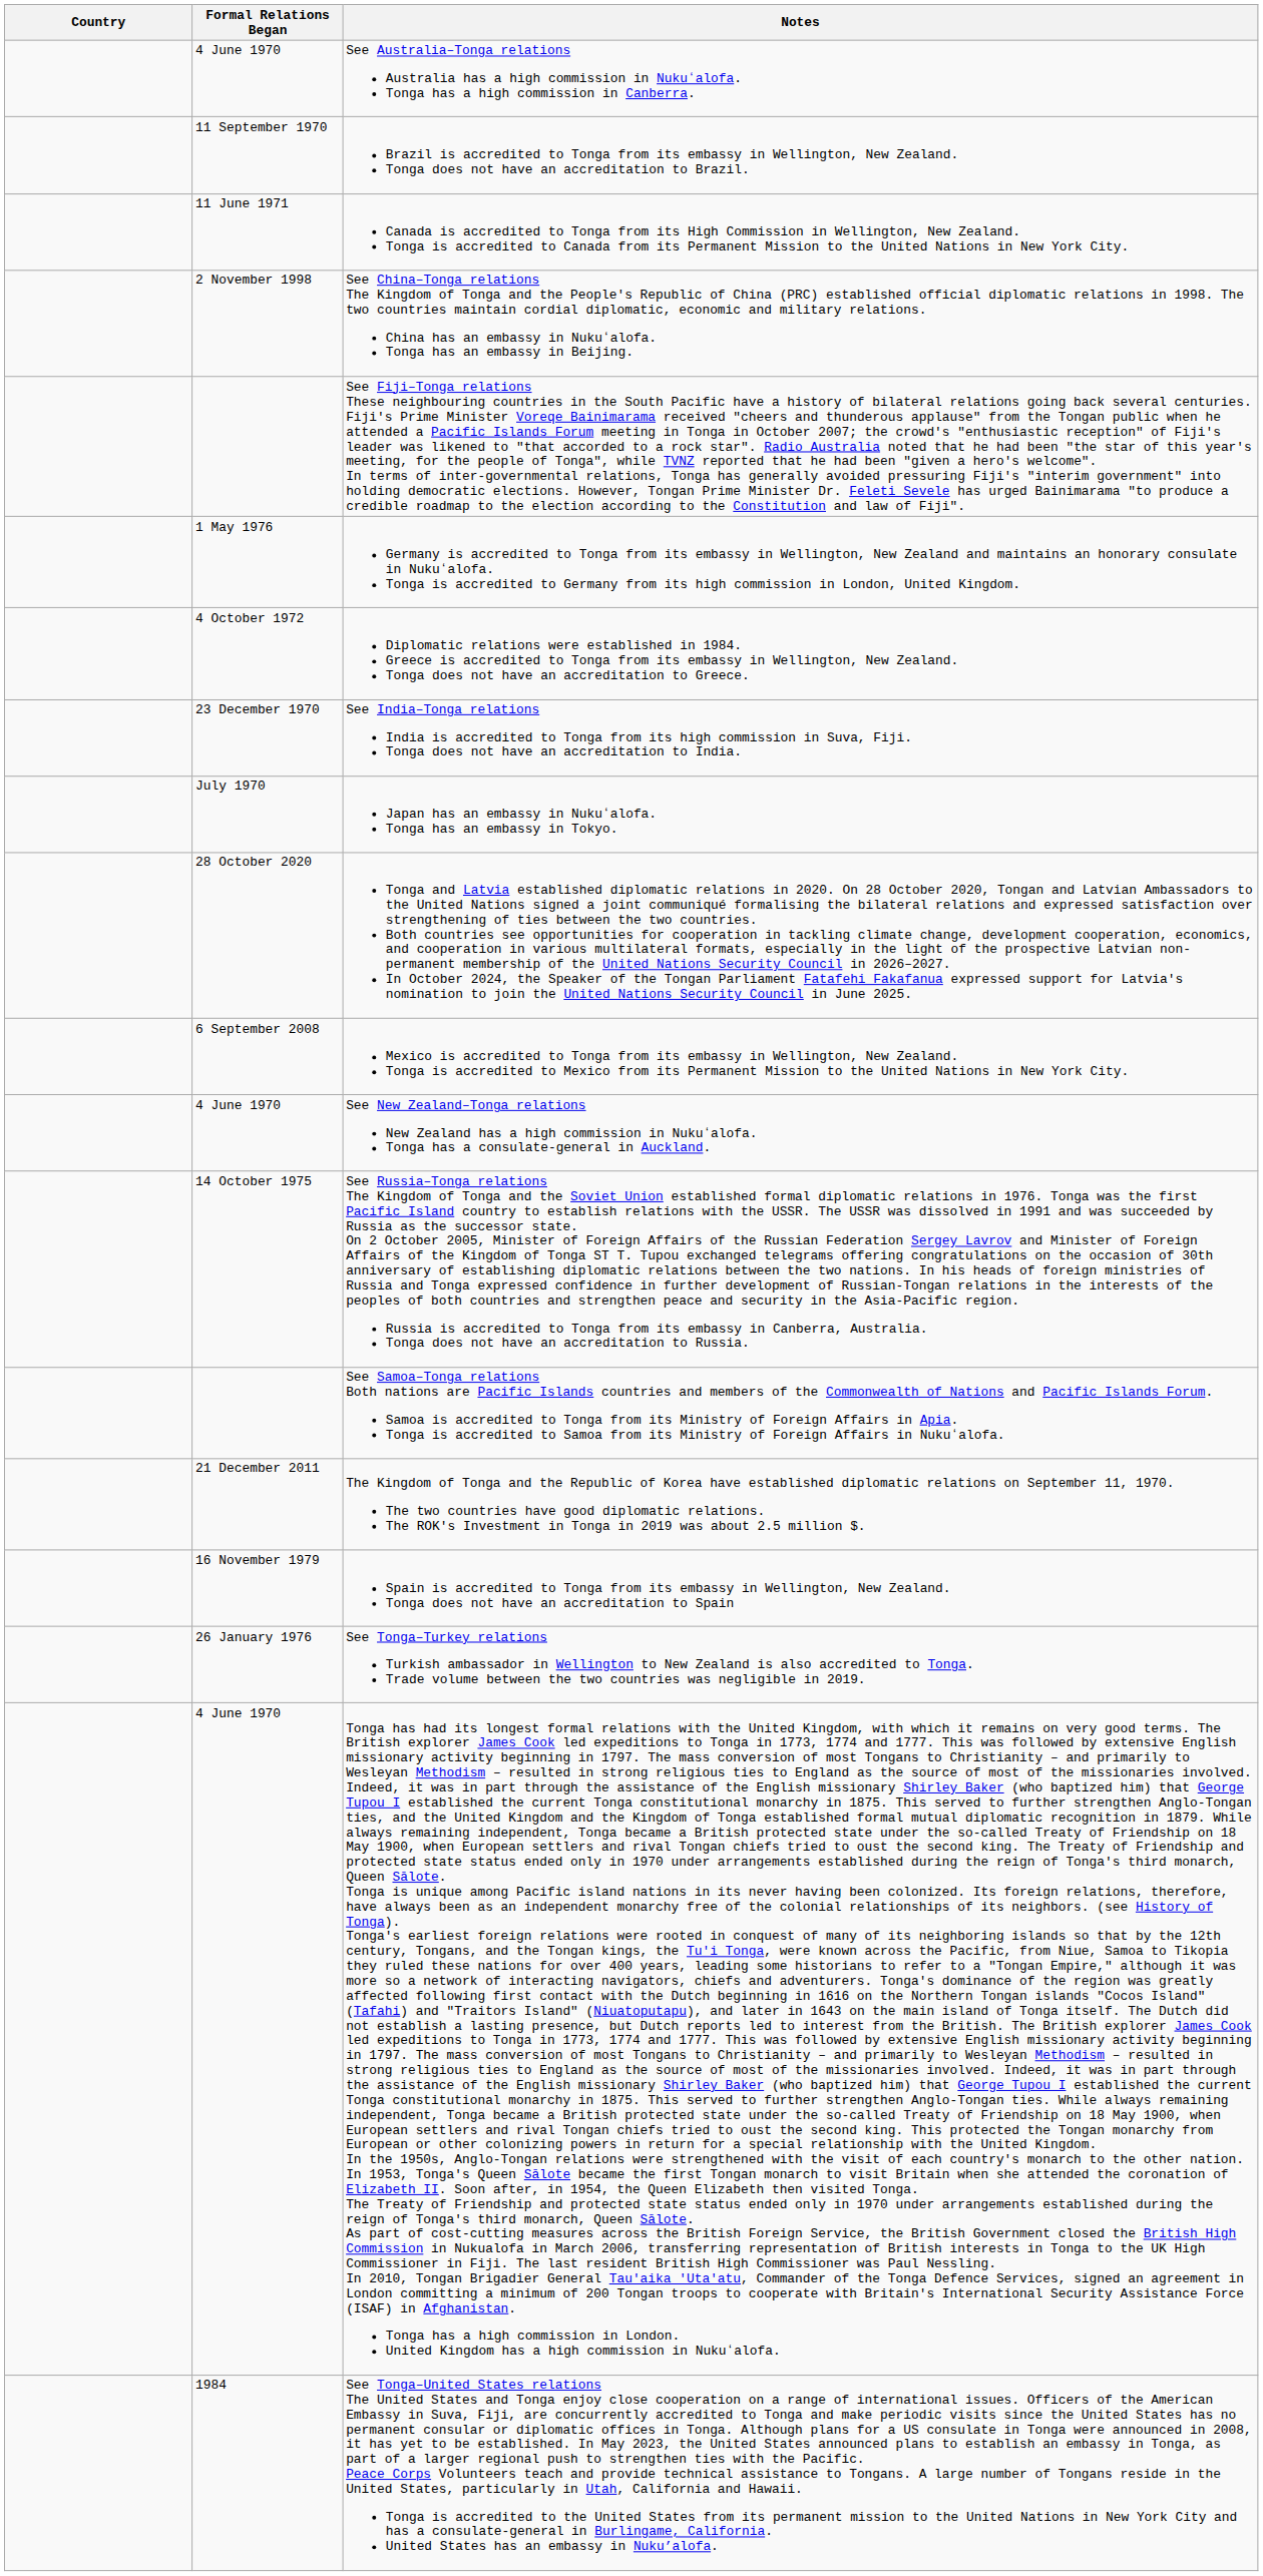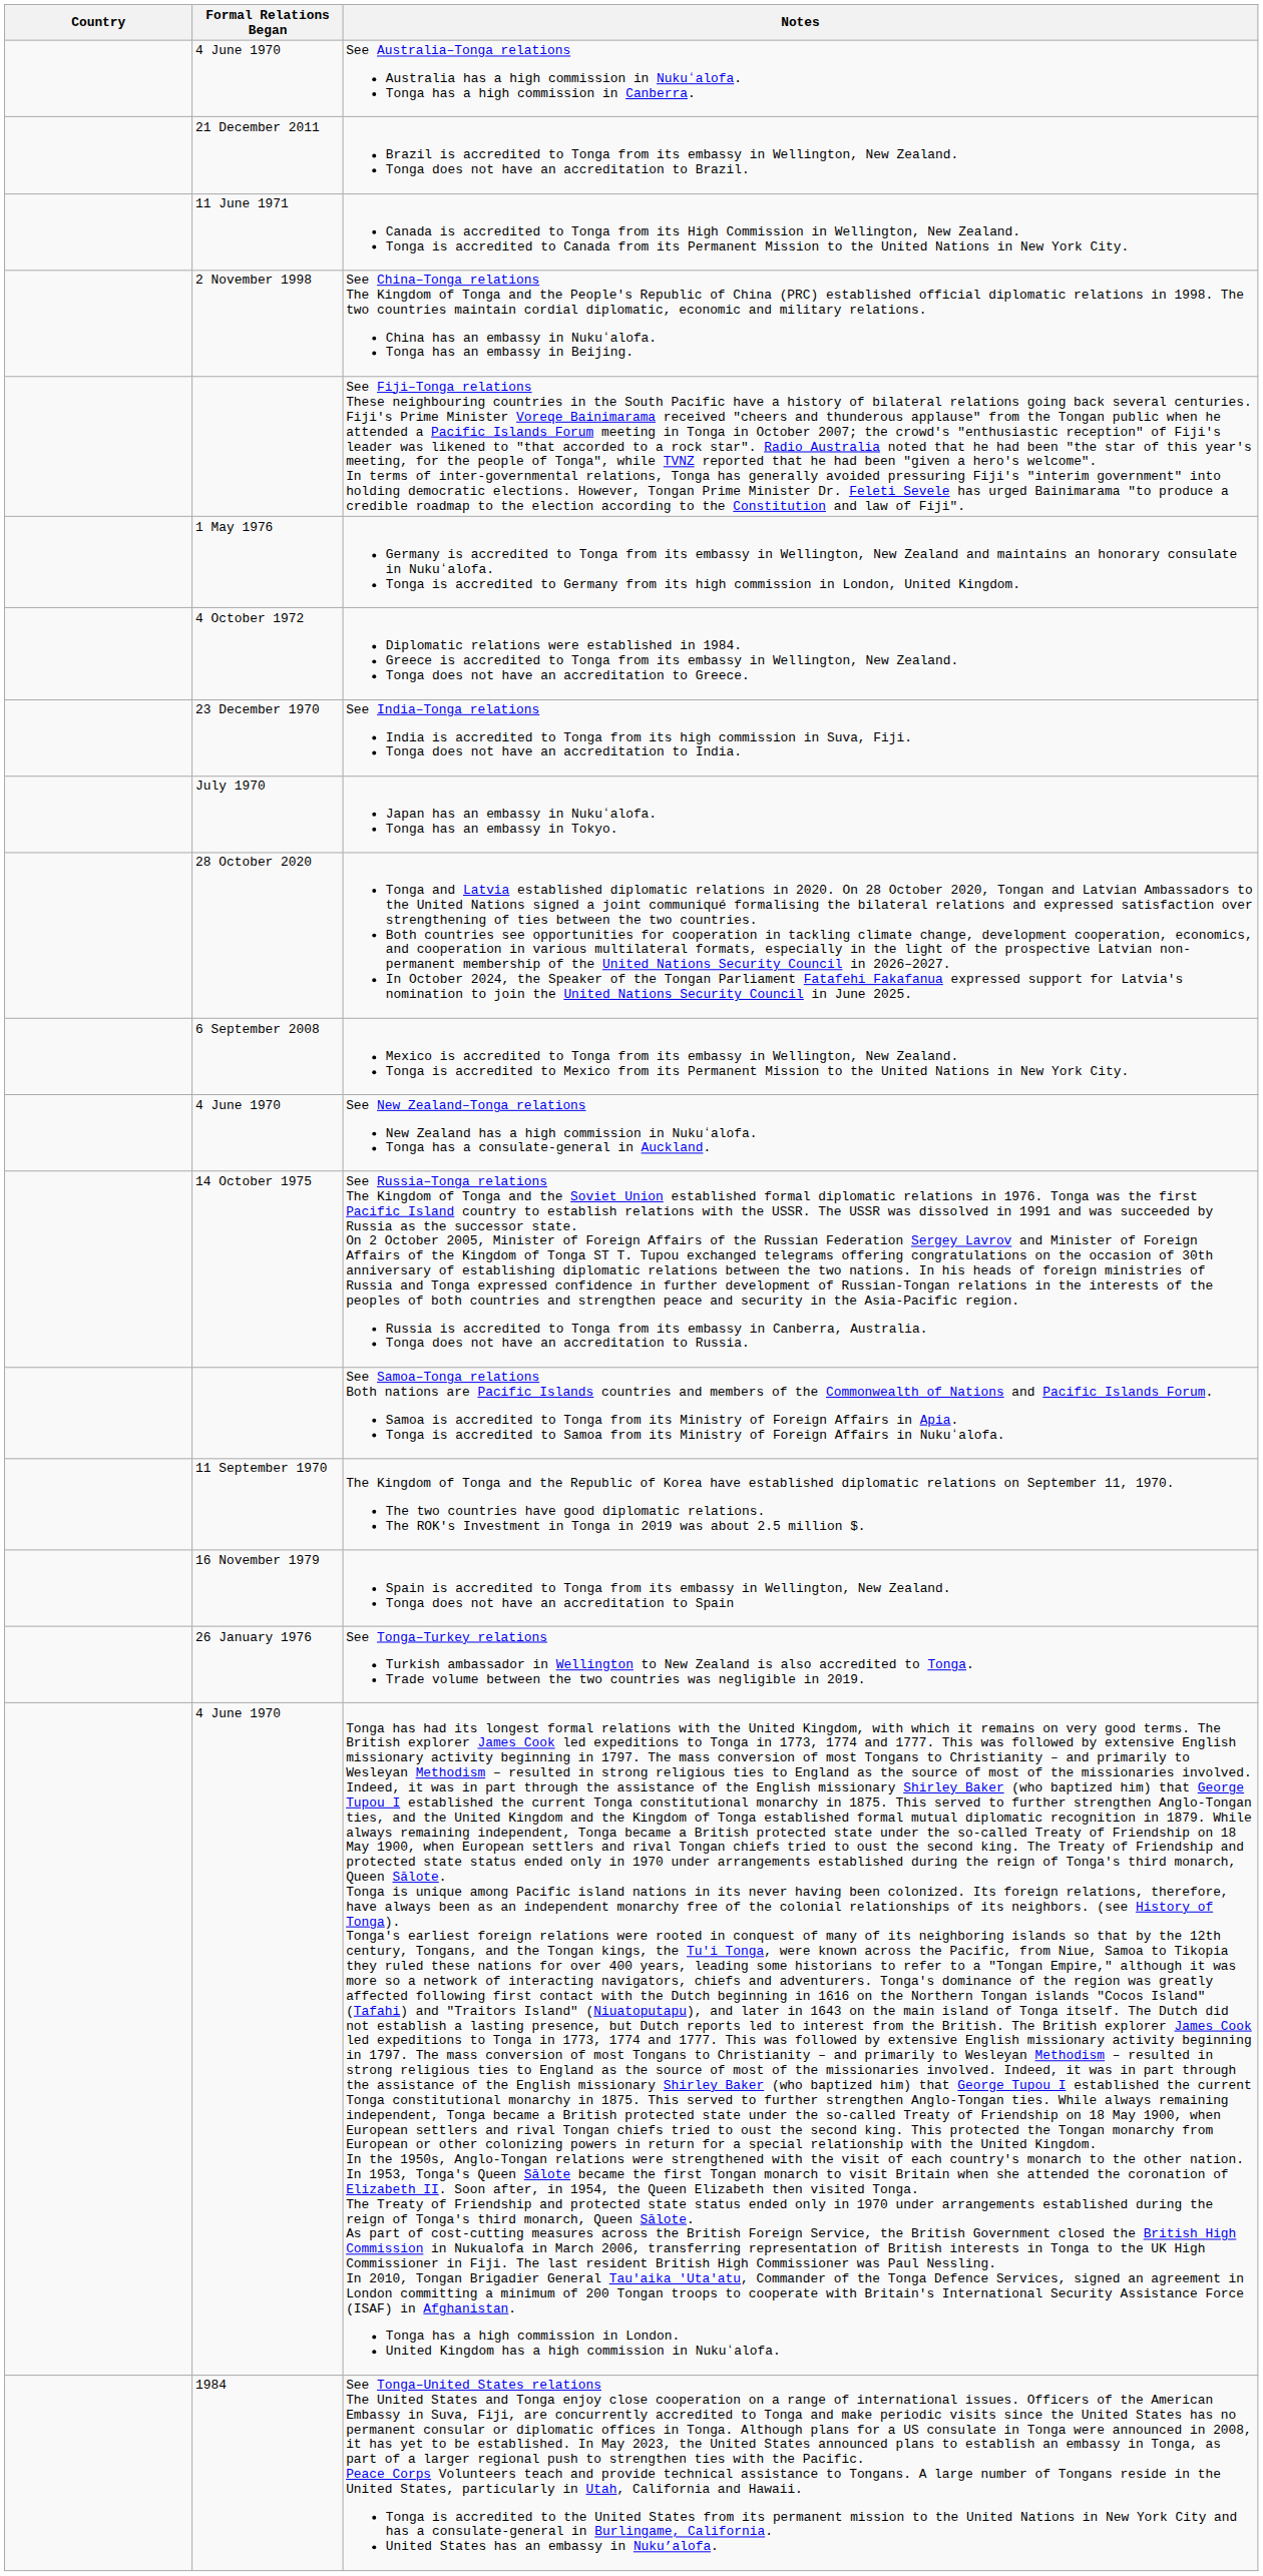 <table class="wikitable sortable" style="width:100%; margin:auto;">
 <tr>
 <th style="width:15%;">Country</th>
 <th style="width:12%;">Formal Relations Began</th>
 <th>Notes</th>
 </tr>
 <tr valign="top">
 <td></td>
 <td>4 June 1970</td>
 <td>See <a href='#'>Australia–Tonga relations</a><br><ul><li>Australia has a high commission in <a href='#'>Nukuʻalofa</a>.</li><li>Tonga has a high commission in <a href='#'>Canberra</a>.</li></ul></td>
 </tr>
 <tr valign="top">
 <td></td>
-<td>11 September 1970</td>
+<td>21 December 2011</td>
 <td><br><ul><li>Brazil is accredited to Tonga from its embassy in Wellington, New Zealand.</li><li>Tonga does not have an accreditation to Brazil.</li></ul></td>
 </tr>
 <tr valign="top">
 <td></td>
 <td>11 June 1971</td>
 <td><br><ul><li>Canada is accredited to Tonga from its High Commission in Wellington, New Zealand.</li><li>Tonga is accredited to Canada from its Permanent Mission to the United Nations in New York City.</li></ul></td>
 </tr>
 <tr valign="top">
 <td></td>
 <td>2 November 1998</td>
 <td>See <a href='#'>China–Tonga relations</a><br>The Kingdom of Tonga and the People's Republic of China (PRC) established official diplomatic relations in 1998. The two countries maintain cordial diplomatic, economic and military relations.<ul><li>China has an embassy in Nukuʻalofa.</li><li>Tonga has an embassy in Beijing.</li></ul></td>
 </tr>
 <tr valign="top">
 <td></td>
 <td></td>
 <td>See <a href='#'>Fiji–Tonga relations</a><br>These neighbouring countries in the South Pacific have a history of bilateral relations going back several centuries.<br>Fiji's Prime Minister <a href='#'>Voreqe Bainimarama</a> received "cheers and thunderous applause" from the Tongan public when he attended a <a href='#'>Pacific Islands Forum</a> meeting in Tonga in October 2007; the crowd's "enthusiastic reception" of Fiji's leader was likened to "that accorded to a rock star". <a href='#'>Radio Australia</a> noted that he had been "the star of this year's meeting, for the people of Tonga", while <a href='#'>TVNZ</a> reported that he had been "given a hero's welcome".<br>In terms of inter-governmental relations, Tonga has generally avoided pressuring Fiji's "interim government" into holding democratic elections. However, Tongan Prime Minister Dr. <a href='#'>Feleti Sevele</a> has urged Bainimarama "to produce a credible roadmap to the election according to the <a href='#'>Constitution</a> and law of Fiji".</td>
 </tr>
 <tr valign="top">
 <td></td>
 <td>1 May 1976</td>
 <td><br><ul><li>Germany is accredited to Tonga from its embassy in Wellington, New Zealand and maintains an honorary consulate in Nukuʻalofa.</li><li>Tonga is accredited to Germany from its high commission in London, United Kingdom.</li></ul></td>
 </tr>
 <tr valign="top">
 <td></td>
 <td>4 October 1972</td>
 <td><br><ul><li>Diplomatic relations were established in 1984.</li><li>Greece is accredited to Tonga from its embassy in Wellington, New Zealand.</li><li>Tonga does not have an accreditation to Greece.</li></ul></td>
 </tr>
 <tr valign="top">
 <td></td>
 <td>23 December 1970</td>
 <td>See <a href='#'>India–Tonga relations</a><br><ul><li>India is accredited to Tonga from its high commission in Suva, Fiji.</li><li>Tonga does not have an accreditation to India.</li></ul></td>
 </tr>
 <tr valign="top">
 <td></td>
 <td>July 1970</td>
 <td><br><ul><li>Japan has an embassy in Nukuʻalofa.</li><li>Tonga has an embassy in Tokyo.</li></ul></td>
 </tr>
 <tr valign="top">
 <td></td>
 <td>28 October 2020</td>
 <td><br><ul><li>Tonga and <a href='#'>Latvia</a> established diplomatic relations in 2020. On 28 October 2020, Tongan and Latvian Ambassadors to the United Nations signed a joint communiqué formalising the bilateral relations and expressed satisfaction over strengthening of ties between the two countries.</li><li>Both countries see opportunities for cooperation in tackling climate change, development cooperation, economics, and cooperation in various multilateral formats, especially in the light of the prospective Latvian non-permanent membership of the <a href='#'>United Nations Security Council</a> in 2026–2027.</li><li>In October 2024, the Speaker of the Tongan Parliament <a href='#'>Fatafehi Fakafanua</a> expressed support for Latvia's nomination to join the <a href='#'>United Nations Security Council</a> in June 2025.</li></ul></td>
 </tr>
 <tr valign="top">
 <td></td>
 <td>6 September 2008</td>
 <td><br><ul><li>Mexico is accredited to Tonga from its embassy in Wellington, New Zealand.</li><li>Tonga is accredited to Mexico from its Permanent Mission to the United Nations in New York City.</li></ul></td>
 </tr>
 <tr valign="top">
 <td></td>
 <td>4 June 1970</td>
 <td>See <a href='#'>New Zealand–Tonga relations</a><br><ul><li>New Zealand has a high commission in Nukuʻalofa.</li><li>Tonga has a consulate-general in <a href='#'>Auckland</a>.</li></ul></td>
 </tr>
 <tr valign="top">
 <td></td>
 <td>14 October 1975</td>
 <td>See <a href='#'>Russia–Tonga relations</a><br>The Kingdom of Tonga and the <a href='#'>Soviet Union</a> established formal diplomatic relations in 1976.  Tonga was the first <a href='#'>Pacific Island</a> country to establish relations with the USSR.  The USSR was dissolved in 1991 and was succeeded by Russia as the successor state.<br>On 2 October 2005, Minister of Foreign Affairs of the Russian Federation <a href='#'>Sergey Lavrov</a> and Minister of Foreign Affairs of the Kingdom of Tonga ST T. Tupou exchanged telegrams offering congratulations on the occasion of 30th anniversary of establishing diplomatic relations between the two nations. In his heads of foreign ministries of Russia and Tonga expressed confidence in further development of Russian-Tongan relations in the interests of the peoples of both countries and strengthen peace and security in the Asia-Pacific region.<ul><li>Russia is accredited to Tonga from its embassy in Canberra, Australia.</li><li>Tonga does not have an accreditation to Russia.</li></ul></td>
 </tr>
 <tr valign="top">
 <td></td>
 <td></td>
 <td>See <a href='#'>Samoa–Tonga relations</a><br>Both nations are <a href='#'>Pacific Islands</a> countries and members of the <a href='#'>Commonwealth of Nations</a> and <a href='#'>Pacific Islands Forum</a>.<ul><li>Samoa is accredited to Tonga from its Ministry of Foreign Affairs in <a href='#'>Apia</a>.</li><li>Tonga is accredited to Samoa from its Ministry of Foreign Affairs in Nukuʻalofa.</li></ul></td>
 </tr>
 <tr valign="top">
 <td></td>
-<td>21 December 2011</td>
+<td>11 September 1970</td>
 <td><br>The Kingdom of Tonga and the Republic of Korea have established diplomatic relations on September 11, 1970.<ul><li>The two countries have good diplomatic relations.</li><li>The ROK's Investment in Tonga in 2019 was about 2.5 million $.</li></ul></td>
 </tr>
 <tr valign="top">
 <td></td>
 <td>16 November 1979</td>
 <td><br><ul><li>Spain is accredited to Tonga from its embassy in Wellington, New Zealand.</li><li>Tonga does not have an accreditation to Spain</li></ul></td>
 </tr>
 <tr valign="top">
 <td></td>
 <td>26 January 1976</td>
 <td>See <a href='#'>Tonga–Turkey relations</a><br><ul><li>Turkish ambassador in <a href='#'>Wellington</a> to New Zealand is also accredited to <a href='#'>Tonga</a>.</li><li>Trade volume between the two countries was negligible in 2019.</li></ul></td>
 </tr>
 <tr valign="top">
 <td></td>
 <td>4 June 1970</td>
 <td><br>Tonga has had its longest formal relations with the United Kingdom, with which it remains on very good terms. The British explorer <a href='#'>James Cook</a> led expeditions to Tonga in 1773, 1774 and 1777. This was followed by extensive English missionary activity beginning in 1797. The mass conversion of most Tongans to Christianity – and primarily to Wesleyan <a href='#'>Methodism</a> – resulted in strong religious ties to England as the source of most of the missionaries involved. Indeed, it was in part through the assistance of the English missionary <a href='#'>Shirley Baker</a> (who baptized him) that <a href='#'>George Tupou I</a> established the current Tonga constitutional monarchy in 1875. This served to further strengthen Anglo-Tongan ties, and the United Kingdom and the Kingdom of Tonga established formal mutual diplomatic recognition in 1879. While always remaining independent, Tonga became a British protected state under the so-called Treaty of Friendship on 18 May 1900, when European settlers and rival Tongan chiefs tried to oust the second king. The Treaty of Friendship and protected state status ended only in 1970 under arrangements established during the reign of Tonga's third monarch, Queen <a href='#'>Sālote</a>.<br>Tonga is unique among Pacific island nations in its never having been colonized. Its foreign relations, therefore, have always been as an independent monarchy free of the colonial relationships of its neighbors. (see <a href='#'>History of Tonga</a>).<br>Tonga's earliest foreign relations were rooted in conquest of many of its neighboring islands so that by the 12th century, Tongans, and the Tongan kings, the <a href='#'>Tu'i Tonga</a>, were known across the Pacific, from Niue, Samoa to Tikopia they ruled these nations for over 400 years, leading some historians to refer to a "Tongan Empire," although it was more so a network of interacting navigators, chiefs and adventurers. Tonga's dominance of the region was greatly affected following first contact with the Dutch beginning in 1616 on the Northern Tongan islands "Cocos Island" (<a href='#'>Tafahi</a>) and "Traitors Island" (<a href='#'>Niuatoputapu</a>), and later in 1643 on the main island of Tonga itself.  The Dutch did not establish a lasting presence, but Dutch reports led to interest from the British. The British explorer <a href='#'>James Cook</a> led expeditions to Tonga in 1773, 1774 and 1777. This was followed by extensive English missionary activity beginning in 1797. The mass conversion of most Tongans to Christianity – and primarily to Wesleyan <a href='#'>Methodism</a> – resulted in strong religious ties to England as the source of most of the missionaries involved. Indeed, it was in part through the assistance of the English missionary <a href='#'>Shirley Baker</a> (who baptized him) that <a href='#'>George Tupou I</a> established the current Tonga constitutional monarchy in 1875. This served to further strengthen Anglo-Tongan ties. While always remaining independent, Tonga became a British protected state under the so-called Treaty of Friendship on 18 May 1900, when European settlers and rival Tongan chiefs tried to oust the second king. This protected the Tongan monarchy from European or other colonizing powers in return for a special relationship with the United Kingdom.<br>In the 1950s, Anglo-Tongan relations were strengthened with the visit of each country's monarch to the other nation. In 1953, Tonga's Queen <a href='#'>Sālote</a> became the first Tongan monarch to visit Britain when she attended the coronation of <a href='#'>Elizabeth II</a>. Soon after, in 1954, the Queen Elizabeth then visited Tonga.<br>The Treaty of Friendship and protected state status ended only in 1970 under arrangements established during the reign of Tonga's third monarch, Queen <a href='#'>Sālote</a>.<br>As part of cost-cutting measures across the British Foreign Service, the British Government closed the <a href='#'>British High Commission</a> in Nukualofa in March 2006, transferring representation of British interests in Tonga to the UK High Commissioner in Fiji. The last resident British High Commissioner was Paul Nessling.<br>In 2010, Tongan Brigadier General <a href='#'>Tau'aika 'Uta'atu</a>, Commander of the Tonga Defence Services, signed an agreement in London committing a minimum of 200 Tongan troops to cooperate with Britain's International Security Assistance Force (ISAF) in <a href='#'>Afghanistan</a>.<ul><li>Tonga has a high commission in London.</li><li>United Kingdom has a high commission in Nukuʻalofa.</li></ul></td>
 </tr>
 <tr valign="top">
 <td></td>
 <td>1984</td>
 <td>See <a href='#'>Tonga–United States relations</a><br>The United States and Tonga enjoy close cooperation on a range of international issues. Officers of the American Embassy in Suva, Fiji, are concurrently accredited to Tonga and make periodic visits since the United States has no permanent consular or diplomatic offices in Tonga. Although plans for a US consulate in Tonga were announced in 2008, it has yet to be established. In May 2023, the United States announced plans to establish an embassy in Tonga, as part of a larger regional push to strengthen ties with the Pacific.<br><a href='#'>Peace Corps</a> Volunteers teach and provide technical assistance to Tongans. A large number of Tongans reside in the United States, particularly in <a href='#'>Utah</a>, California and Hawaii.<ul><li>Tonga is accredited to the United States from its permanent mission to the United Nations in New York City and has a consulate-general in <a href='#'>Burlingame, California</a>.</li><li>United States has an embassy in <a href='#'>Nuku’alofa</a>.</li></ul></td>
 </tr>
 </table>
